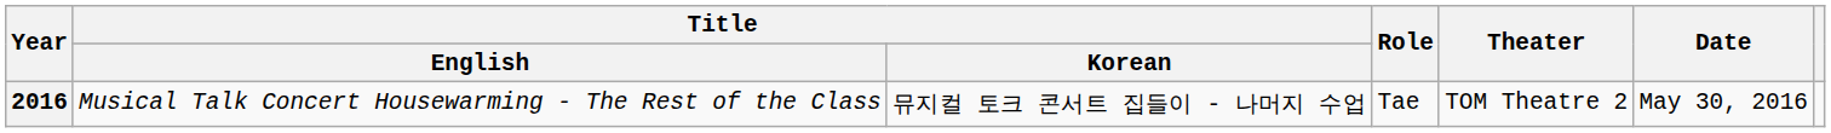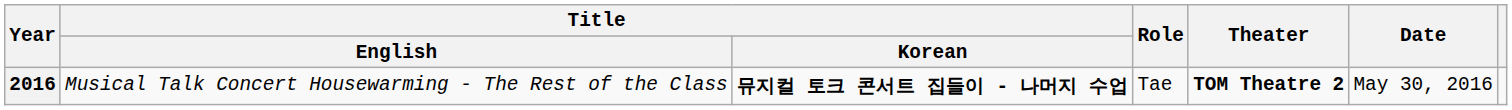 <table class="wikitable plainrowheaders sortable">
 <tr>
 <th rowspan="2" scope="col">Year</th>
 <th colspan="2" scope="col">Title</th>
 <th rowspan="2" scope="col">Role</th>
 <th rowspan="2" scope="col">Theater</th>
 <th rowspan="2" scope="col">Date</th>
 <th rowspan="2" scope="col" class="unsortable"></th>
 </tr>
 <tr>
 <th>English</th>
 <th>Korean</th>
 </tr>
 <tr>
 <th scope="row">2016</th>
 <td><em>Musical Talk Concert Housewarming - The Rest of the Class</em></td>
-<td>뮤지컬 토크 콘서트 집들이 - 나머지 수업</td>
+<td><strong>뮤지컬 토크 콘서트 집들이 - 나머지 수업</strong></td>
 <td>Tae</td>
-<td>TOM Theatre 2</td>
+<td><strong>TOM Theatre 2</strong></td>
 <td>May 30, 2016</td>
 <td></td>
 </tr>
 </table>
